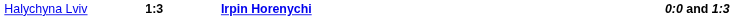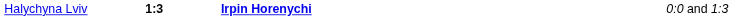 <table width=100% cellspacing=1>
 <tr>
 <th width=20%></th>
 <th width=12%></th>
 <th width=20%></th>
 <th></th>
 </tr>
 <tr style=font-size:90%>
 <td align=right><a href='#'>Halychyna Lviv</a></td>
 <td align=center><strong>1:3</strong></td>
 <td><strong><a href='#'>Irpin Horenychi</a></strong></td>
-<td align=center><strong><em>0:0</em> and <em>1:3</em></strong></td>
+<td align=center><em>0:0</em> and <em>1:3</em></td>
 </tr>
 </table>
